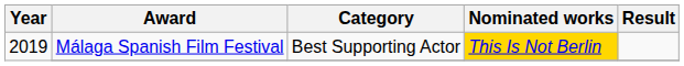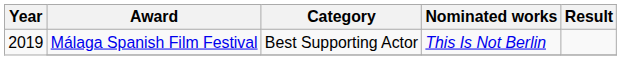 <table class="wikitable plainrowheaders">
 <tr>
 <th scope="col">Year</th>
 <th scope="col">Award</th>
 <th scope="col">Category</th>
 <th scope="col">Nominated works</th>
 <th scope="col">Result</th>
 </tr>
 <tr>
 <td rowspan="10">2019</td>
 <td rowspan="1"><a href='#'>Málaga Spanish Film Festival</a></td>
 <td>Best Supporting Actor</td>
-<td style="background: gold;"><em><a href='#'>This Is Not Berlin</a></em></td>
+<td><em><a href='#'>This Is Not Berlin</a></em></td>
 <td></td>
 </tr>
 <tr>
 </tr>
 </table>
